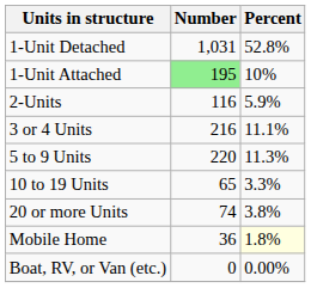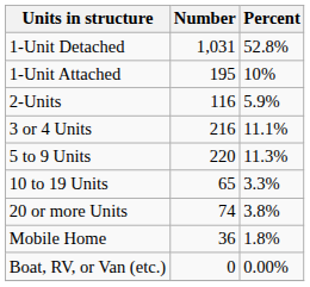 <table class=wikitable>
 <tr>
 <th>Units in structure</th>
 <th>Number</th>
 <th>Percent</th>
 </tr>
 <tr>
 <td>1-Unit Detached</td>
 <td align=right>1,031</td>
 <td>52.8%</td>
 </tr>
 <tr>
 <td>1-Unit Attached</td>
-<td align=right style="background: lightgreen;">195</td>
+<td align=right>195</td>
 <td>10%</td>
 </tr>
 <tr>
 <td>2-Units</td>
 <td align=right>116</td>
 <td>5.9%</td>
 </tr>
 <tr>
 <td>3 or 4 Units</td>
 <td align=right>216</td>
 <td>11.1%</td>
 </tr>
 <tr>
 <td>5 to 9 Units</td>
 <td align=right>220</td>
 <td>11.3%</td>
 </tr>
 <tr>
 <td>10 to 19 Units</td>
 <td align=right>65</td>
 <td>3.3%</td>
 </tr>
 <tr>
 <td>20 or more Units</td>
 <td align=right>74</td>
 <td>3.8%</td>
 </tr>
 <tr>
 <td>Mobile Home</td>
 <td align=right>36</td>
-<td style="background: lightyellow;">1.8%</td>
+<td>1.8%</td>
 </tr>
 <tr>
 <td>Boat, RV, or Van (etc.)</td>
 <td align=right>0</td>
 <td>0.00%</td>
 </tr>
 <tr>
 </tr>
 </table>
